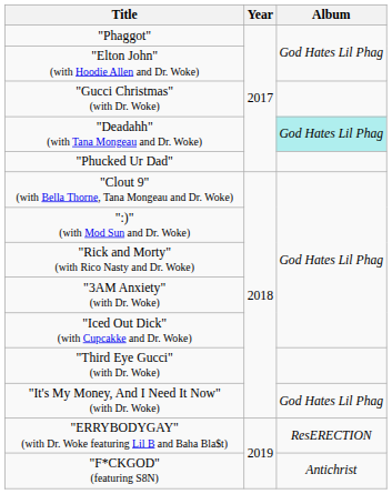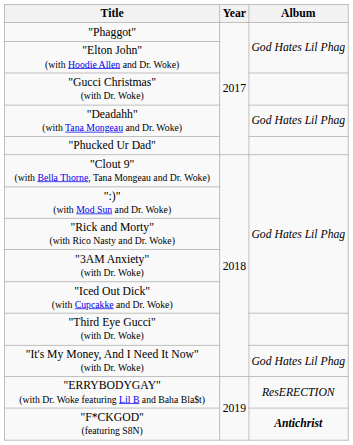 <table class="wikitable plainrowheaders" style="text-align:center">
 <tr>
 <th rowspan="1" style="width:18em;">Title</th>
 <th rowspan="1">Year</th>
 <th rowspan="1">Album</th>
 </tr>
 <tr>
 <td>"Phaggot"</td>
 <td rowspan="5">2017</td>
 <td rowspan="2"><em>God Hates Lil Phag</em></td>
 </tr>
 <tr>
 <td>"Elton John"<br><small>(with <a href='#'>Hoodie Allen</a> and Dr. Woke)</small></td>
 </tr>
 <tr>
 <td>"Gucci Christmas"<br><small>(with Dr. Woke)</small></td>
 <td></td>
 </tr>
 <tr>
 <td>"Deadahh"<br><small>(with <a href='#'>Tana Mongeau</a> and Dr. Woke)</small></td>
-<td style="background: paleturquoise;"><em>God Hates Lil Phag</em></td>
+<td><em>God Hates Lil Phag</em></td>
 </tr>
 <tr>
 <td>"Phucked Ur Dad"</td>
 <td></td>
 </tr>
 <tr>
 <td>"Clout 9"<br><small>(with <a href='#'>Bella Thorne</a>, Tana Mongeau and Dr. Woke)</small></td>
 <td rowspan="7">2018</td>
 <td rowspan="5"><em>God Hates Lil Phag</em></td>
 </tr>
 <tr>
 <td>":)"<br><small>(with <a href='#'>Mod Sun</a> and Dr. Woke)</small></td>
 </tr>
 <tr>
 <td>"Rick and Morty"<br><small>(with Rico Nasty and Dr. Woke)</small></td>
 </tr>
 <tr>
 <td>"3AM Anxiety"<br><small>(with Dr. Woke)</small></td>
 </tr>
 <tr>
 <td>"Iced Out Dick"<br><small>(with <a href='#'>Cupcakke</a> and Dr. Woke)</small></td>
 </tr>
 <tr>
 <td>"Third Eye Gucci"<br><small>(with Dr. Woke)</small></td>
 <td></td>
 </tr>
 <tr>
 <td>"It's My Money, And I Need It Now"<br><small>(with Dr. Woke)</small></td>
 <td><em>God Hates Lil Phag</em></td>
 </tr>
 <tr>
 <td>"ERRYBODYGAY"<br><small>(with Dr. Woke featuring <a href='#'>Lil B</a> and Baha Bla$t)</small></td>
 <td rowspan="2">2019</td>
 <td><em>ResERECTION</em></td>
 </tr>
 <tr>
 <td>"F*CKGOD"<br><small>(featuring S8N)</small></td>
-<td><em>Antichrist</em></td>
+<td><strong><em>Antichrist</em></strong></td>
 </tr>
 </table>
